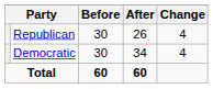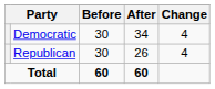 <table class="wikitable" style="text-align:center;">
 <tr>
 </tr>
 <tr>
 <th colspan=2>Party</th>
 <th>Before</th>
 <th>After</th>
 <th>Change</th>
 </tr>
 <tr>
 <th style="background-color:"></th>
-<td style="text-align:left;"><a href='#'>Republican</a></td>
+<td style="text-align:left;"><a href='#'>Democratic</a></td>
 <td>30</td>
-<td>26</td>
+<td>34</td>
 <td> 4</td>
 </tr>
 <tr>
 <th style="background-color:"></th>
-<td style="text-align:left;"><a href='#'>Democratic</a></td>
+<td style="text-align:left;"><a href='#'>Republican</a></td>
 <td>30</td>
-<td>34</td>
+<td>26</td>
 <td> 4</td>
 </tr>
 <tr>
 <td colspan=2><strong>Total</strong></td>
 <td><strong>60</strong></td>
 <td><strong>60</strong></td>
 <td></td>
 </tr>
 </table>
